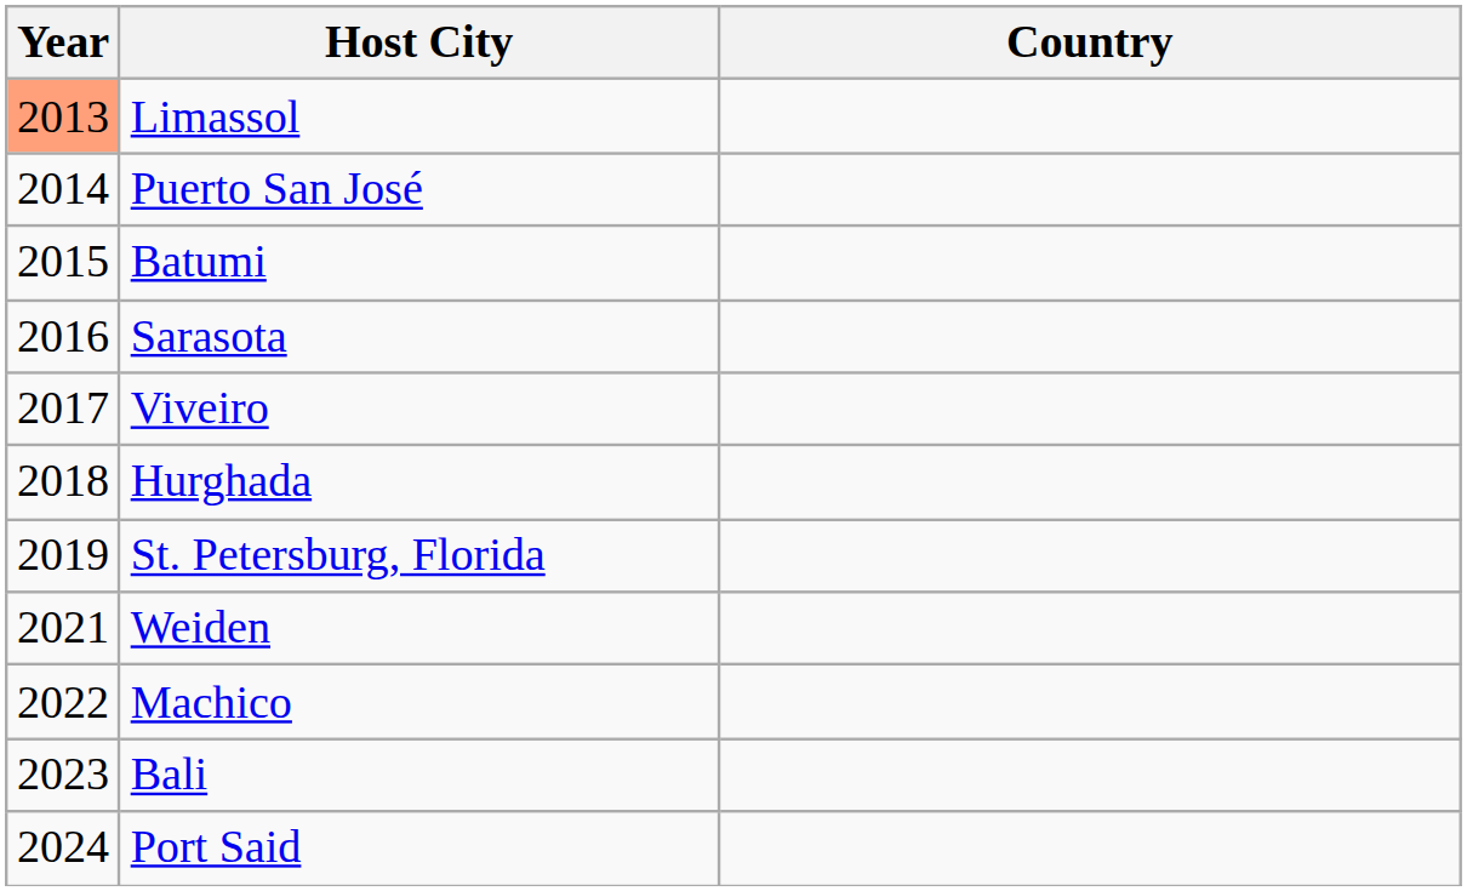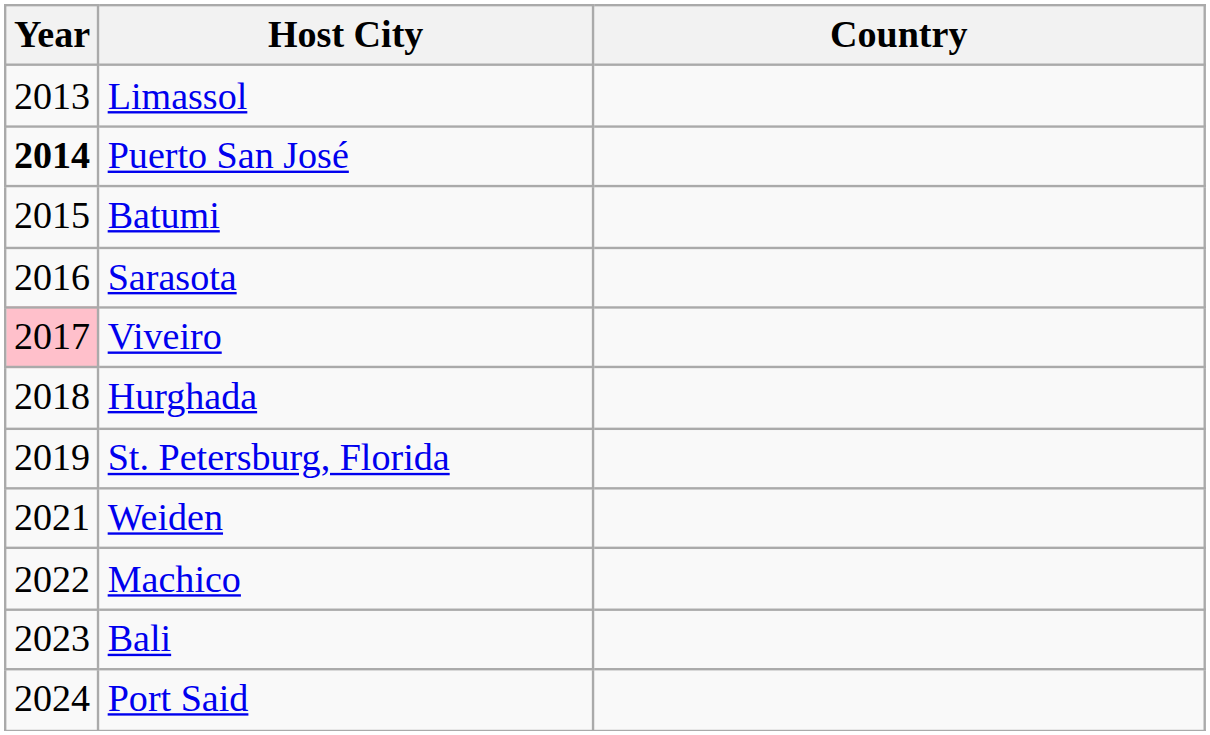 <table class="wikitable" style="font-size:100%">
 <tr>
 <th width=30>Year</th>
 <th width=200>Host City</th>
 <th width=250>Country</th>
 </tr>
 <tr>
-<td align=center style="background: lightsalmon;">2013</td>
+<td align=center>2013</td>
 <td align=left><a href='#'>Limassol</a></td>
 <td align=left></td>
 </tr>
 <tr>
-<td align=center>2014</td>
+<td align=center><strong>2014</strong></td>
 <td align=left><a href='#'>Puerto San José</a></td>
 <td align=left></td>
 </tr>
 <tr>
 <td align=center>2015</td>
 <td align=left><a href='#'>Batumi</a></td>
 <td align=left></td>
 </tr>
 <tr>
 <td align=center>2016</td>
 <td align=left><a href='#'>Sarasota</a></td>
 <td align=left></td>
 </tr>
 <tr>
-<td align=center>2017</td>
+<td align=center style="background: pink;">2017</td>
 <td align=left><a href='#'>Viveiro</a></td>
 <td align=left></td>
 </tr>
 <tr>
 <td align=center>2018</td>
 <td align=left><a href='#'>Hurghada</a></td>
 <td align=left></td>
 </tr>
 <tr>
 <td align=center>2019</td>
 <td align=left><a href='#'>St. Petersburg, Florida</a></td>
 <td align=left></td>
 </tr>
 <tr>
 <td align=center>2021</td>
 <td align=left><a href='#'>Weiden</a></td>
 <td align=left></td>
 </tr>
 <tr>
 <td align=center>2022</td>
 <td align=left><a href='#'>Machico</a></td>
 <td align=left></td>
 </tr>
 <tr>
 <td align=center>2023</td>
 <td align=left><a href='#'>Bali</a></td>
 <td align=left></td>
 </tr>
 <tr>
 <td align=center>2024</td>
 <td align=left><a href='#'>Port Said</a></td>
 <td align=left></td>
 </tr>
 <tr>
 </tr>
 </table>
